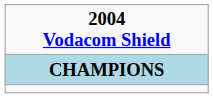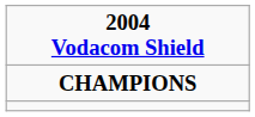 <table class="wikitable" style="text-align: center; margin: 0 auto; width: 20%">
 <tr>
 <td><strong>2004</strong> <br> <strong><a href='#'>Vodacom Shield</a></strong></td>
 </tr>
 <tr>
-<td style="background: lightblue;"><strong>CHAMPIONS</strong></td>
+<td><strong>CHAMPIONS</strong></td>
 </tr>
 <tr>
 <td><strong></strong></td>
 </tr>
 </table>
